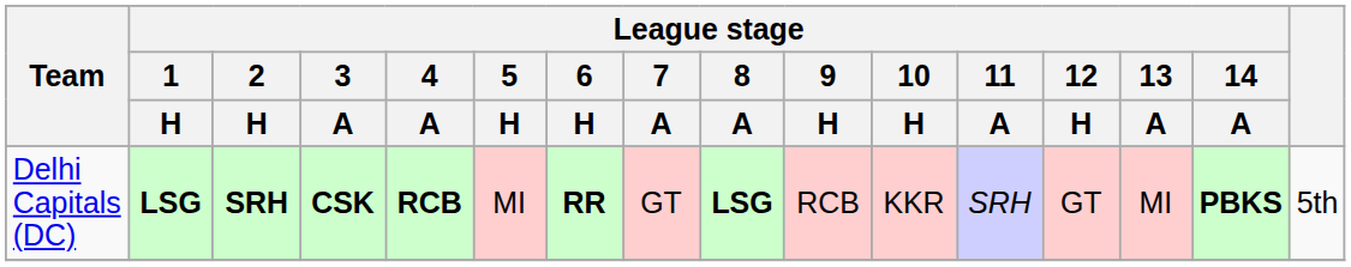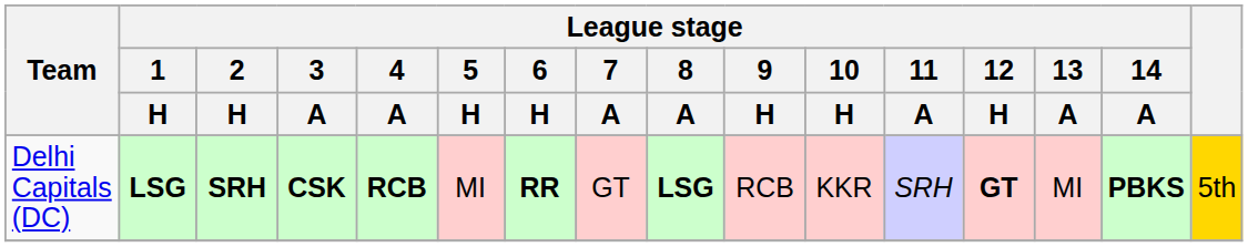 <table class="wikitable plainrowheaders" style="font-size:85%; text-align:center;">
 <tr>
 <th rowspan="3">Team</th>
 <th colspan="14">League stage</th>
 <th rowspan="3"></th>
 </tr>
 <tr>
 <th style="width: 7%;">1</th>
 <th style="width: 7%;">2</th>
 <th style="width: 7%;">3</th>
 <th style="width: 7%;">4</th>
 <th style="width: 7%;">5</th>
 <th style="width: 7%;">6</th>
 <th style="width: 7%;">7</th>
 <th style="width: 7%;">8</th>
 <th style="width: 7%;">9</th>
 <th style="width: 7%;">10</th>
 <th style="width: 7%;">11</th>
 <th style="width: 7%;">12</th>
 <th style="width: 7%;">13</th>
 <th style="width: 7%;">14</th>
 </tr>
 <tr>
 <th>H</th>
 <th>H</th>
 <th>A</th>
 <th>A</th>
 <th>H</th>
 <th>H</th>
 <th>A</th>
 <th>A</th>
 <th>H</th>
 <th>H</th>
 <th>A</th>
 <th>H</th>
 <th>A</th>
 <th>A</th>
 </tr>
 <tr>
 <td align="left"><a href='#'> Delhi<br>Capitals (DC)</a></td>
 <td style="background-color:#cfc;"><strong>LSG<br></strong></td>
 <td style="background-color:#cfc;"><strong>SRH<br></strong></td>
 <td style="background-color:#cfc;"><strong>CSK<br></strong></td>
 <td style="background-color:#cfc;"><strong>RCB<br></strong></td>
 <td style="background-color:#FFCFCF;">MI<br></td>
 <td style="background-color:#cfc;"><strong>RR<br></strong></td>
 <td style="background-color:#FFCFCF;">GT<br></td>
 <td style="background-color:#cfc;"><strong>LSG<br></strong></td>
 <td style="background-color:#FFCFCF;">RCB<br></td>
 <td style="background-color:#FFCFCF;">KKR<br></td>
 <td style="background-color:#cfcfff;"><em>SRH<br></em></td>
-<td style="background-color:#FFCFCF;">GT<br></td>
+<td style="background-color:#FFCFCF;"><strong>GT<br></strong></td>
 <td style="background-color:#FFCFCF;">MI<br></td>
 <td style="background-color:#cfc;"><strong>PBKS<br></strong></td>
-<td>5th</td>
+<td style="background: gold;">5th</td>
 </tr>
 <tr>
 </tr>
 </table>
